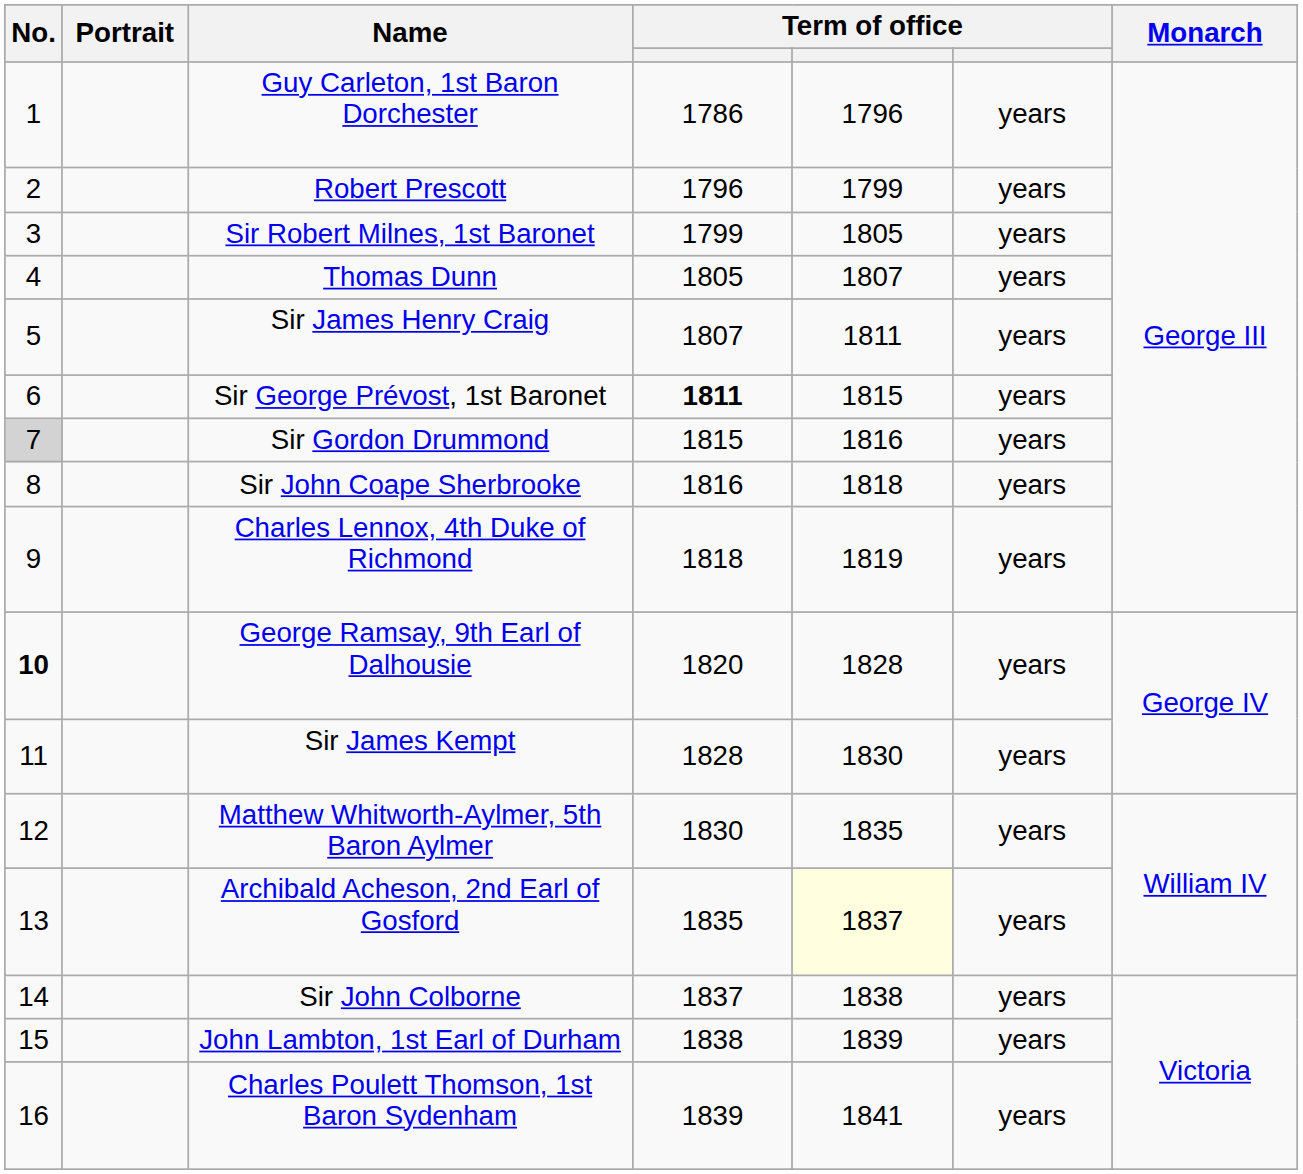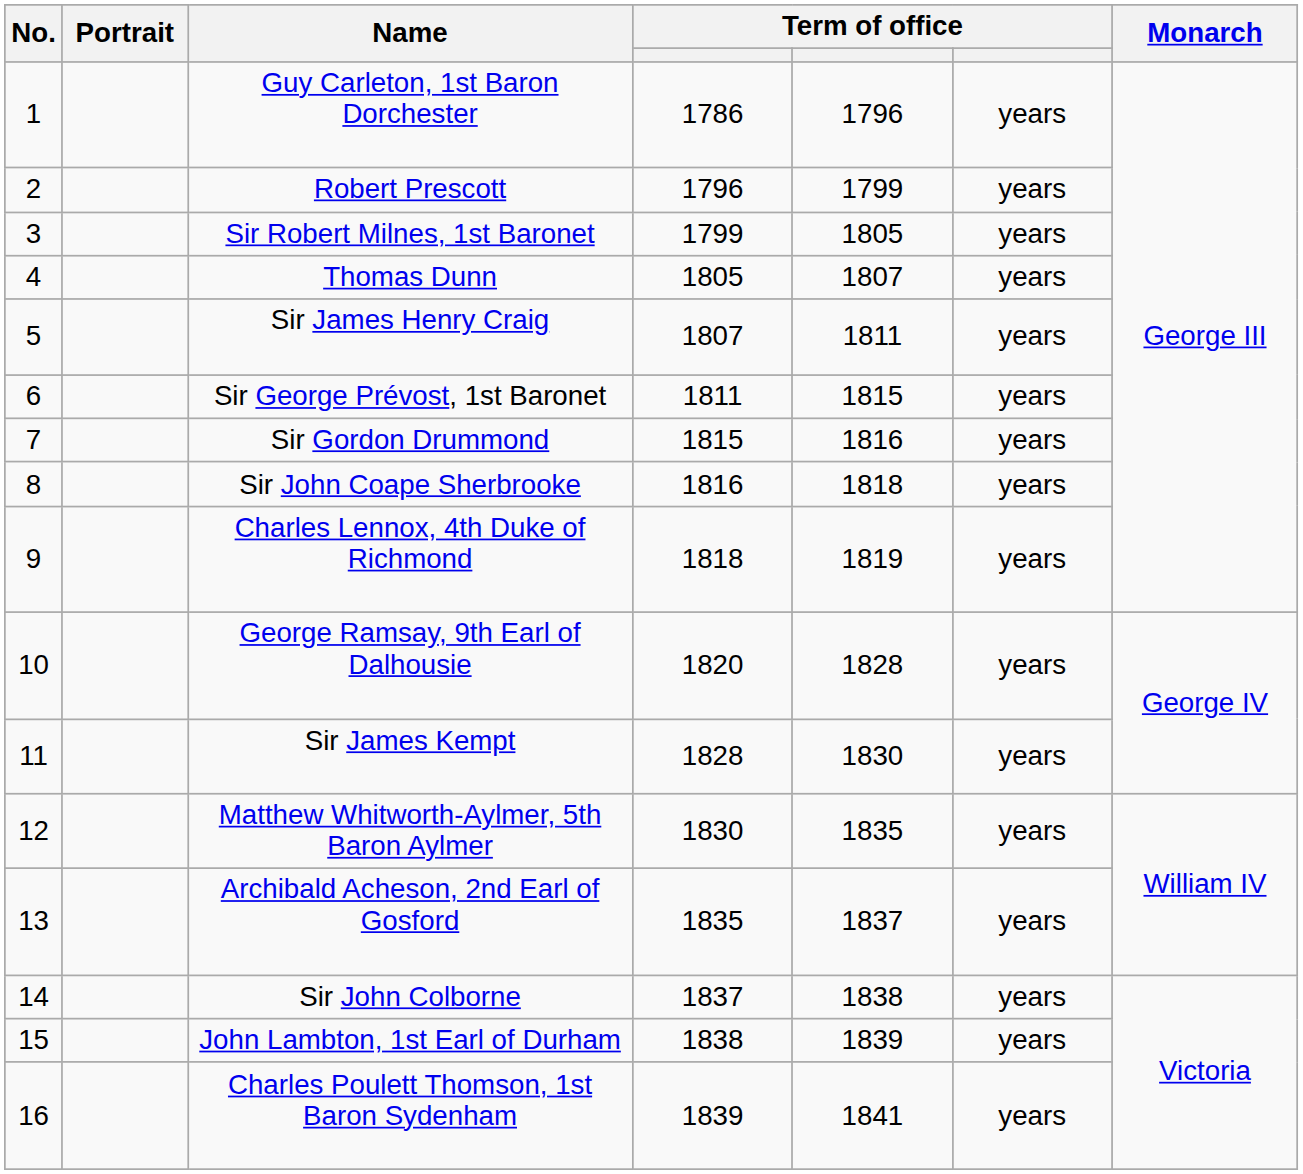 <table class="wikitable sortable sticky-header-multi" style="text-align:center; border:1px #aaf solid;">
 <tr>
 <th rowspan="2">No.</th>
 <th rowspan="2" width="65">Portrait</th>
 <th rowspan="2" width="250">Name<br></th>
 <th colspan="3">Term of office</th>
 <th rowspan="2" width="100"><a href='#'>Monarch</a><br></th>
 </tr>
 <tr>
 <th width="85"></th>
 <th width="85"></th>
 <th width="85"></th>
 </tr>
 <tr>
 <td>1</td>
 <td></td>
 <td><a href='#'>Guy Carleton, 1st Baron Dorchester</a><br><br></td>
 <td>1786</td>
 <td>1796</td>
 <td> years</td>
 <td rowspan="9"><a href='#'>George III</a><br></td>
 </tr>
 <tr>
 <td>2</td>
 <td></td>
 <td><a href='#'>Robert Prescott</a><br></td>
 <td>1796</td>
 <td>1799</td>
 <td> years</td>
 </tr>
 <tr>
 <td>3</td>
 <td></td>
 <td><a href='#'>Sir Robert Milnes, 1st Baronet</a><br></td>
 <td>1799</td>
 <td>1805</td>
 <td> years</td>
 </tr>
 <tr>
 <td>4</td>
 <td></td>
 <td><a href='#'>Thomas Dunn</a><br></td>
 <td>1805</td>
 <td>1807</td>
 <td> years</td>
 </tr>
 <tr>
 <td>5</td>
 <td></td>
 <td>Sir <a href='#'>James Henry Craig</a><br><br></td>
 <td>1807</td>
 <td>1811</td>
 <td> years</td>
 </tr>
 <tr>
 <td>6</td>
 <td></td>
 <td>Sir <a href='#'>George Prévost</a>, 1st Baronet<br></td>
-<td><strong>1811</strong></td>
+<td>1811</td>
 <td>1815</td>
 <td> years</td>
 </tr>
 <tr>
-<td style="background: lightgrey;">7</td>
+<td>7</td>
 <td></td>
 <td>Sir <a href='#'>Gordon Drummond</a><br></td>
 <td>1815</td>
 <td>1816</td>
 <td> years</td>
 </tr>
 <tr>
 <td>8</td>
 <td></td>
 <td>Sir <a href='#'>John Coape Sherbrooke</a><br></td>
 <td>1816</td>
 <td>1818</td>
 <td> years</td>
 </tr>
 <tr>
 <td>9</td>
 <td></td>
 <td><a href='#'>Charles Lennox, 4th Duke of Richmond</a><br><br></td>
 <td>1818</td>
 <td>1819</td>
 <td> years</td>
 </tr>
 <tr>
-<td><strong>10</strong></td>
+<td>10</td>
 <td></td>
 <td><a href='#'>George Ramsay, 9th Earl of Dalhousie</a><br><br></td>
 <td>1820</td>
 <td>1828</td>
 <td> years</td>
 <td rowspan="2"><a href='#'>George IV</a><br></td>
 </tr>
 <tr>
 <td>11</td>
 <td></td>
 <td>Sir <a href='#'>James Kempt</a><br><br></td>
 <td>1828</td>
 <td>1830</td>
 <td> years</td>
 </tr>
 <tr>
 <td>12</td>
 <td></td>
 <td><a href='#'>Matthew Whitworth-Aylmer, 5th Baron Aylmer</a><br></td>
 <td>1830</td>
 <td>1835</td>
 <td> years</td>
 <td rowspan="2"><a href='#'>William IV</a><br></td>
 </tr>
 <tr>
 <td>13</td>
 <td></td>
 <td><a href='#'>Archibald Acheson, 2nd Earl of Gosford</a><br><br></td>
 <td>1835</td>
-<td style="background: lightyellow;">1837</td>
+<td>1837</td>
 <td> years</td>
 </tr>
 <tr>
 <td>14</td>
 <td></td>
 <td>Sir <a href='#'>John Colborne</a><br></td>
 <td>1837</td>
 <td>1838</td>
 <td> years</td>
 <td rowspan="3"><a href='#'>Victoria</a><br></td>
 </tr>
 <tr>
 <td>15</td>
 <td></td>
 <td><a href='#'>John Lambton, 1st Earl of Durham</a><br></td>
 <td>1838</td>
 <td>1839</td>
 <td> years</td>
 </tr>
 <tr>
 <td>16</td>
 <td></td>
 <td><a href='#'>Charles Poulett Thomson, 1st Baron Sydenham</a><br><br></td>
 <td>1839</td>
 <td>1841</td>
 <td> years</td>
 </tr>
 </table>
